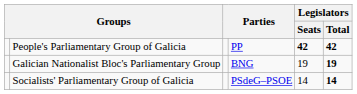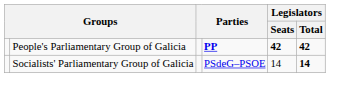 <table class="wikitable" style="text-align:left;">
 <tr>
 <th rowspan="2" colspan="2">Groups</th>
 <th rowspan="2" colspan="2">Parties</th>
 <th colspan="2">Legislators</th>
 </tr>
 <tr>
 <th>Seats</th>
 <th>Total</th>
 </tr>
 <tr>
 <td width="1" style="color:inherit;background:"></td>
 <td>People's Parliamentary Group of Galicia</td>
 <td width="1" style="color:inherit;background:"></td>
-<td align="left"><a href='#'>PP</a></td>
+<td align="left"><strong><a href='#'>PP</a></strong></td>
 <td><strong>42</strong></td>
 <td><strong>42</strong></td>
-</tr>
-<tr>
-<td style="color:inherit;background:"></td>
-<td>Galician Nationalist Bloc's Parliamentary Group</td>
-<td style="color:inherit;background:"></td>
-<td align="left"><a href='#'>BNG</a></td>
-<td>19</td>
-<td><strong>19</strong></td>
 </tr>
 <tr>
 <td style="color:inherit;background:"></td>
 <td>Socialists' Parliamentary Group of Galicia</td>
 <td style="color:inherit;background:"></td>
 <td align="left"><a href='#'>PSdeG–PSOE</a></td>
 <td>14</td>
 <td><strong>14</strong></td>
 </tr>
 </table>
